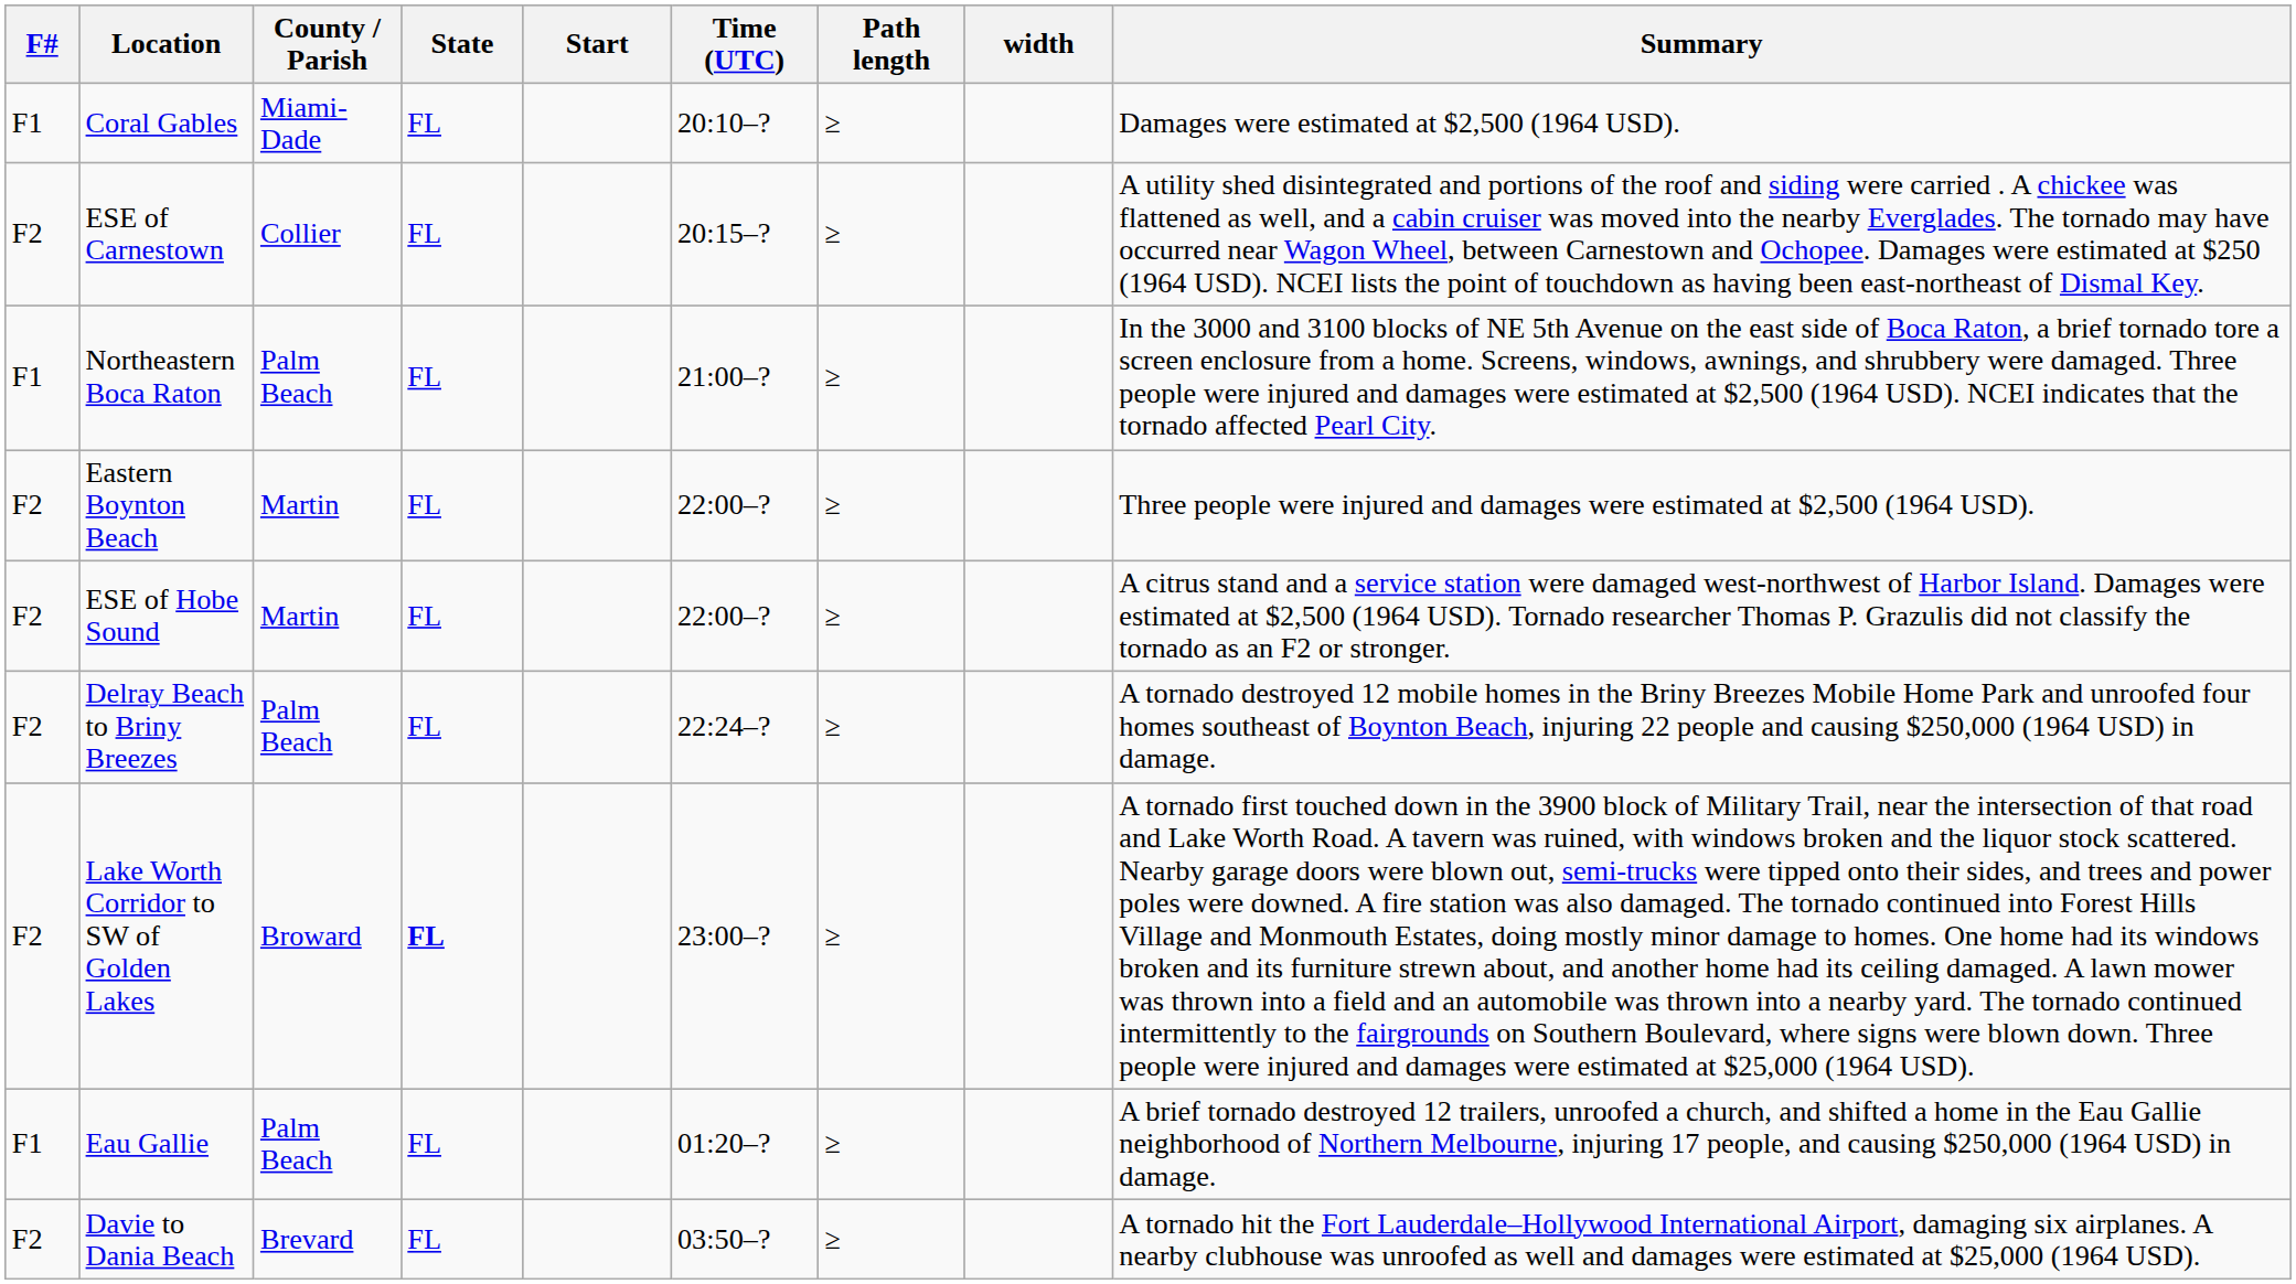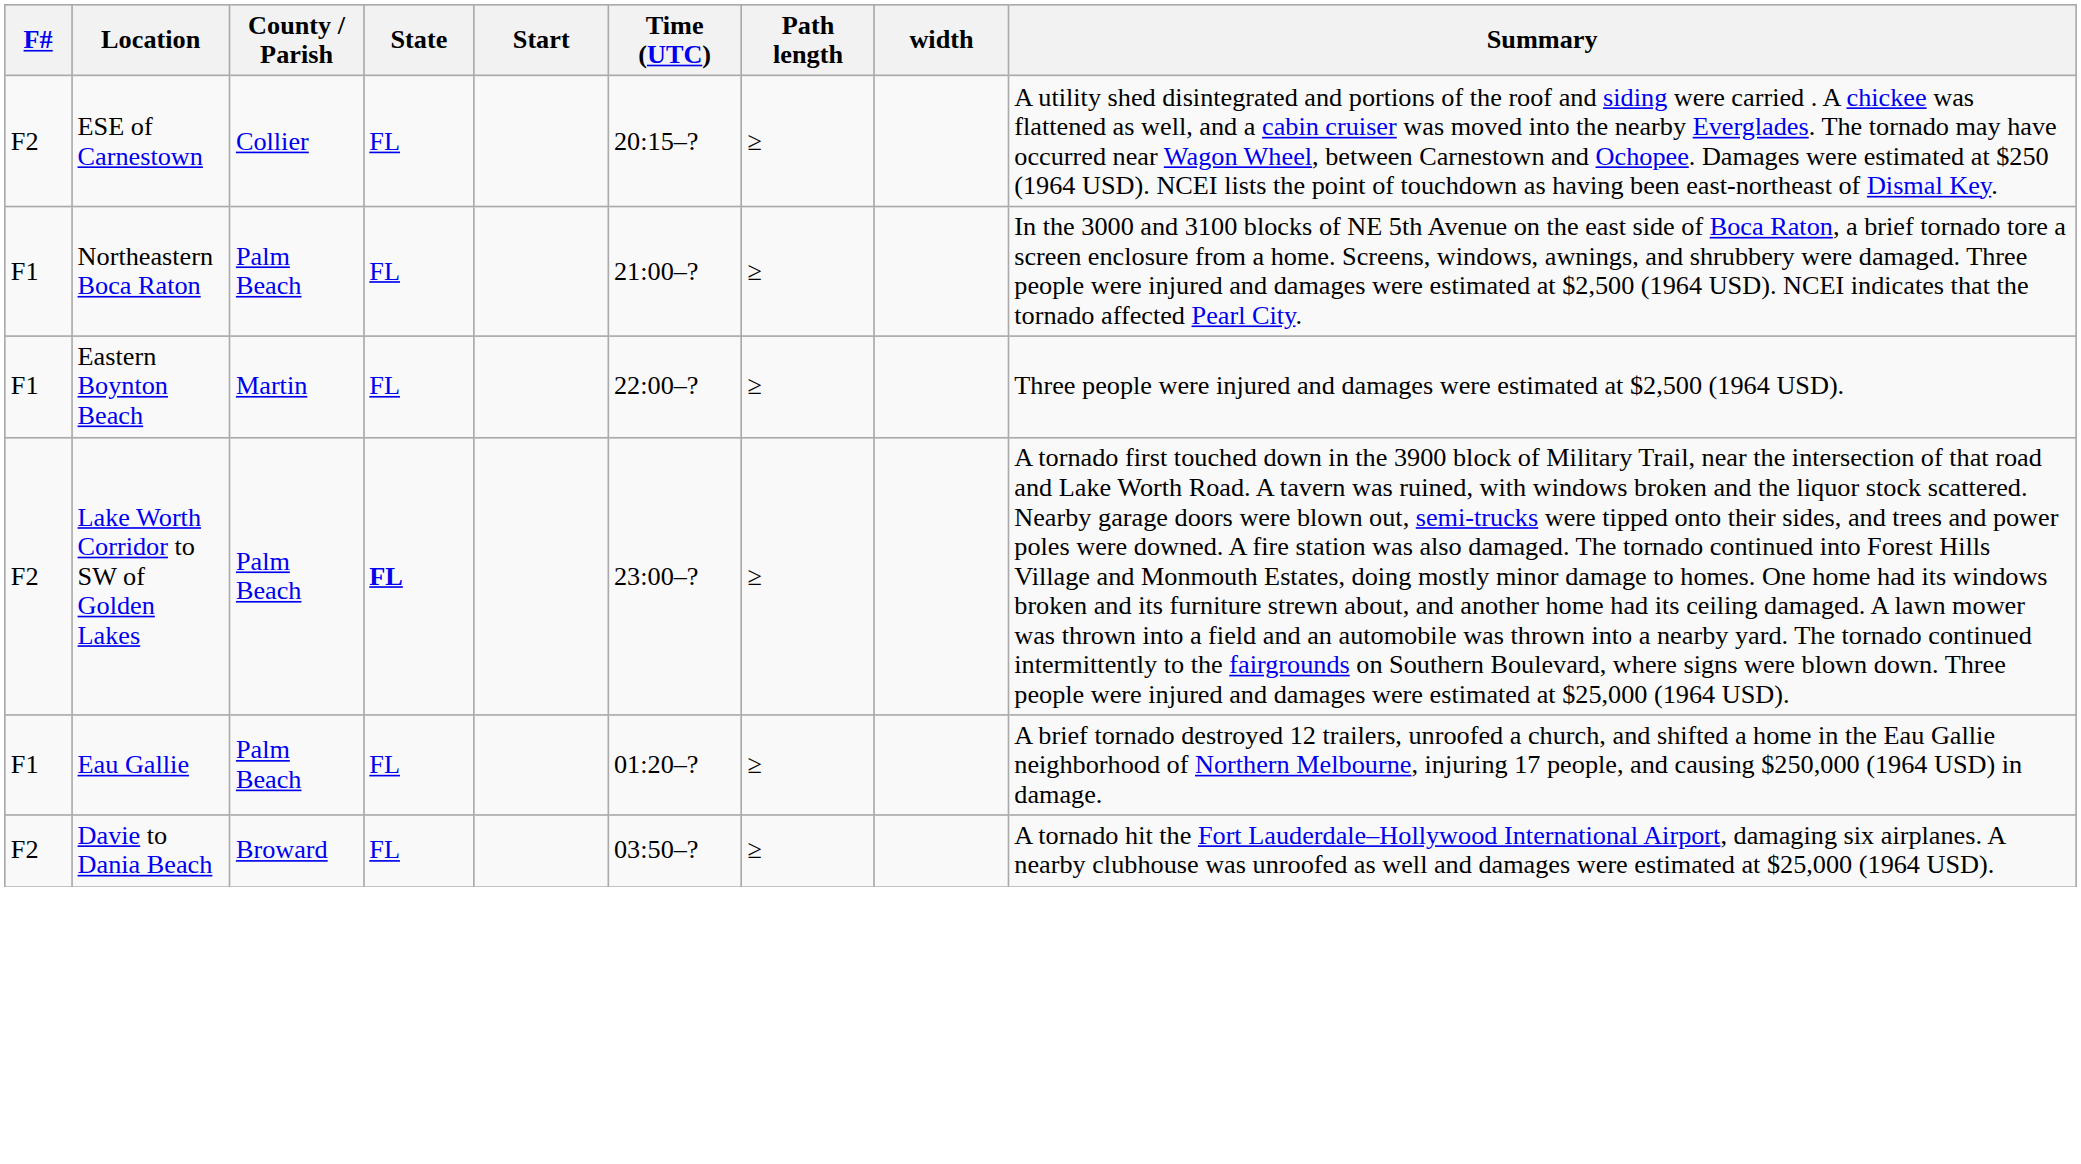 <table class="wikitable sortable" style="width:100%;">
 <tr>
 <th scope="col"  style="width:3%; text-align:center;"><a href='#'>F#</a></th>
 <th scope="col"  style="width:7%; text-align:center;" class="unsortable">Location</th>
 <th scope="col"  style="width:6%; text-align:center;" class="unsortable">County / Parish</th>
 <th scope="col"  style="width:5%; text-align:center;">State</th>
 <th scope="col"  style="width:6%; text-align:center;">Start<br></th>
 <th scope="col"  style="width:6%; text-align:center;">Time (<a href='#'>UTC</a>)</th>
 <th scope="col"  style="width:6%; text-align:center;">Path length</th>
 <th scope="col"  style="width:6%; text-align:center;"> width</th>
 <th scope="col" class="unsortable" style="width:48%; text-align:center;">Summary</th>
-</tr>
-<tr>
-<td>F1</td>
-<td><a href='#'>Coral Gables</a></td>
-<td><a href='#'>Miami-Dade</a></td>
-<td><a href='#'>FL</a></td>
-<td></td>
-<td>20:10–?</td>
-<td>≥</td>
-<td></td>
-<td>Damages were estimated at $2,500 (1964 USD).</td>
 </tr>
 <tr>
 <td>F2</td>
 <td>ESE of <a href='#'>Carnestown</a></td>
 <td><a href='#'>Collier</a></td>
 <td><a href='#'>FL</a></td>
 <td></td>
 <td>20:15–?</td>
 <td>≥</td>
 <td></td>
 <td>A utility shed disintegrated and portions of the roof and <a href='#'>siding</a> were carried . A <a href='#'>chickee</a> was flattened as well, and a <a href='#'>cabin cruiser</a> was moved  into the nearby <a href='#'>Everglades</a>. The tornado may have occurred near <a href='#'>Wagon Wheel</a>, between Carnestown and <a href='#'>Ochopee</a>. Damages were estimated at $250 (1964 USD). NCEI lists the point of touchdown as having been east-northeast of <a href='#'>Dismal Key</a>.</td>
 </tr>
 <tr>
 <td>F1</td>
 <td>Northeastern <a href='#'>Boca Raton</a></td>
 <td><a href='#'>Palm Beach</a></td>
 <td><a href='#'>FL</a></td>
 <td></td>
 <td>21:00–?</td>
 <td>≥</td>
 <td></td>
 <td>In the 3000 and 3100 blocks of NE 5th Avenue on the east side of <a href='#'>Boca Raton</a>, a brief tornado tore a screen enclosure from a home. Screens, windows, awnings, and shrubbery were damaged. Three people were injured and damages were estimated at $2,500 (1964 USD). NCEI indicates that the tornado affected <a href='#'>Pearl City</a>.</td>
 </tr>
 <tr>
-<td>F2</td>
+<td>F1</td>
 <td>Eastern <a href='#'>Boynton Beach</a></td>
 <td><a href='#'>Martin</a></td>
 <td><a href='#'>FL</a></td>
 <td></td>
 <td>22:00–?</td>
 <td>≥</td>
 <td></td>
 <td>Three people were injured and damages were estimated at $2,500 (1964 USD).</td>
 </tr>
 <tr>
 <td>F2</td>
-<td>ESE of <a href='#'>Hobe Sound</a></td>
-<td><a href='#'>Martin</a></td>
-<td><a href='#'>FL</a></td>
-<td></td>
-<td>22:00–?</td>
-<td>≥</td>
-<td></td>
-<td>A citrus stand and a <a href='#'>service station</a> were damaged west-northwest of <a href='#'>Harbor Island</a>. Damages were estimated at $2,500 (1964 USD). Tornado researcher Thomas P. Grazulis did not classify the tornado as an F2 or stronger.</td>
-</tr>
-<tr>
-<td>F2</td>
-<td><a href='#'>Delray Beach</a> to <a href='#'>Briny Breezes</a></td>
+<td><a href='#'>Lake Worth Corridor</a> to SW of <a href='#'>Golden Lakes</a></td>
 <td><a href='#'>Palm Beach</a></td>
-<td><a href='#'>FL</a></td>
-<td></td>
-<td>22:24–?</td>
-<td>≥</td>
-<td></td>
-<td>A tornado destroyed 12 mobile homes in the Briny Breezes Mobile Home Park and unroofed four homes southeast of <a href='#'>Boynton Beach</a>, injuring 22 people and causing $250,000 (1964 USD) in damage.</td>
-</tr>
-<tr>
-<td>F2</td>
-<td><a href='#'>Lake Worth Corridor</a> to SW of <a href='#'>Golden Lakes</a></td>
-<td><a href='#'>Broward</a></td>
 <td><strong><a href='#'>FL</a></strong></td>
 <td></td>
 <td>23:00–?</td>
 <td>≥</td>
 <td></td>
 <td>A tornado first touched down in the 3900 block of Military Trail, near the intersection of that road and Lake Worth Road. A tavern was ruined, with windows broken and the liquor stock scattered. Nearby garage doors were blown out, <a href='#'>semi-trucks</a> were tipped onto their sides, and trees and power poles were downed. A fire station was also damaged. The tornado continued into Forest Hills Village and Monmouth Estates, doing mostly minor damage to homes. One home had its windows broken and its furniture strewn about, and another home had its ceiling damaged. A lawn mower was thrown into a field and an automobile was thrown into a nearby yard. The tornado continued intermittently to the <a href='#'>fairgrounds</a> on Southern Boulevard, where signs were blown down. Three people were injured and damages were estimated at $25,000 (1964 USD).</td>
 </tr>
 <tr>
 <td>F1</td>
 <td><a href='#'>Eau Gallie</a></td>
 <td><a href='#'>Palm Beach</a></td>
 <td><a href='#'>FL</a></td>
 <td></td>
 <td>01:20–?</td>
 <td>≥</td>
 <td></td>
 <td>A brief tornado destroyed 12 trailers, unroofed a church, and shifted a home  in the Eau Gallie neighborhood of <a href='#'>Northern Melbourne</a>, injuring 17 people, and causing $250,000 (1964 USD) in damage.</td>
 </tr>
 <tr>
 <td>F2</td>
 <td><a href='#'>Davie</a> to <a href='#'>Dania Beach</a></td>
-<td><a href='#'>Brevard</a></td>
+<td><a href='#'>Broward</a></td>
 <td><a href='#'>FL</a></td>
 <td></td>
 <td>03:50–?</td>
 <td>≥</td>
 <td></td>
 <td>A tornado hit the <a href='#'>Fort Lauderdale–Hollywood International Airport</a>, damaging six airplanes. A nearby clubhouse was unroofed as well and damages were estimated at $25,000 (1964 USD).</td>
 </tr>
 </table>
